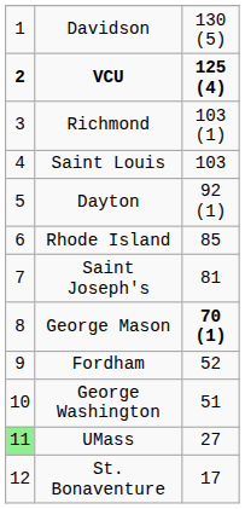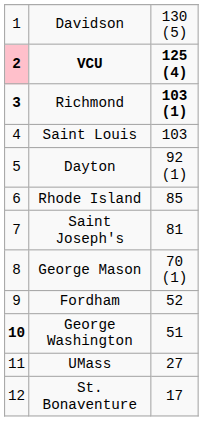 <table class="wikitable" style="width: 20%;text-align: center;">
 <tr align="center">
 </tr>
 <tr align="center">
 <td>1</td>
 <td>Davidson</td>
 <td>130 (5)</td>
 </tr>
 <tr>
-<td><strong>2</strong></td>
+<td style="background: pink;"><strong>2</strong></td>
 <td><strong>VCU</strong></td>
 <td><strong>125 (4)</strong></td>
 </tr>
 <tr>
-<td>3</td>
+<td><strong>3</strong></td>
 <td>Richmond</td>
-<td>103 (1)</td>
+<td><strong>103 (1)</strong></td>
 </tr>
 <tr>
 <td>4</td>
 <td>Saint Louis</td>
 <td>103</td>
 </tr>
 <tr>
 <td>5</td>
 <td>Dayton</td>
 <td>92 (1)</td>
 </tr>
 <tr>
 <td>6</td>
 <td>Rhode Island</td>
 <td>85</td>
 </tr>
 <tr>
 <td>7</td>
 <td>Saint Joseph's</td>
 <td>81</td>
 </tr>
 <tr>
 <td>8</td>
 <td>George Mason</td>
-<td><strong>70 (1)</strong></td>
+<td>70 (1)</td>
 </tr>
 <tr>
 <td>9</td>
 <td>Fordham</td>
 <td>52</td>
 </tr>
 <tr>
-<td>10</td>
+<td><strong>10</strong></td>
 <td>George Washington</td>
 <td>51</td>
 </tr>
 <tr>
-<td style="background: lightgreen;">11</td>
+<td>11</td>
 <td>UMass</td>
 <td>27</td>
 </tr>
 <tr>
 <td>12</td>
 <td>St. Bonaventure</td>
 <td>17</td>
 </tr>
 </table>
